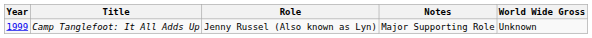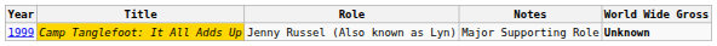 <table class="wikitable">
 <tr>
 <th>Year</th>
 <th>Title</th>
 <th>Role</th>
 <th>Notes</th>
 <th>World Wide Gross</th>
 </tr>
 <tr>
 <td><a href='#'>1999</a></td>
-<td><em>Camp Tanglefoot: It All Adds Up</em></td>
+<td style="background: gold;"><em>Camp Tanglefoot: It All Adds Up</em></td>
 <td>Jenny Russel (Also known as Lyn)</td>
 <td>Major Supporting Role</td>
-<td>Unknown</td>
+<td><strong>Unknown</strong></td>
 </tr>
 </table>
